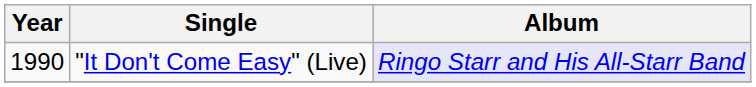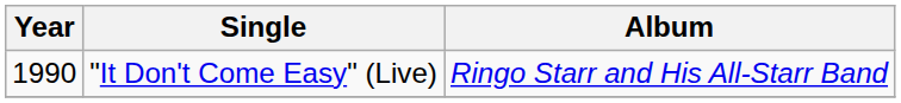 <table class="wikitable">
 <tr>
 <th scope="col" rowspan="1">Year</th>
 <th scope="col" rowspan="1">Single</th>
 <th scope="col" rowspan="1">Album</th>
 </tr>
 <tr>
 <td>1990</td>
 <td>"<a href='#'>It Don't Come Easy</a>" (Live)</td>
-<td style="background: lavender;"><em><a href='#'>Ringo Starr and His All-Starr Band</a></em></td>
+<td><em><a href='#'>Ringo Starr and His All-Starr Band</a></em></td>
 </tr>
 <tr>
 </tr>
 </table>
